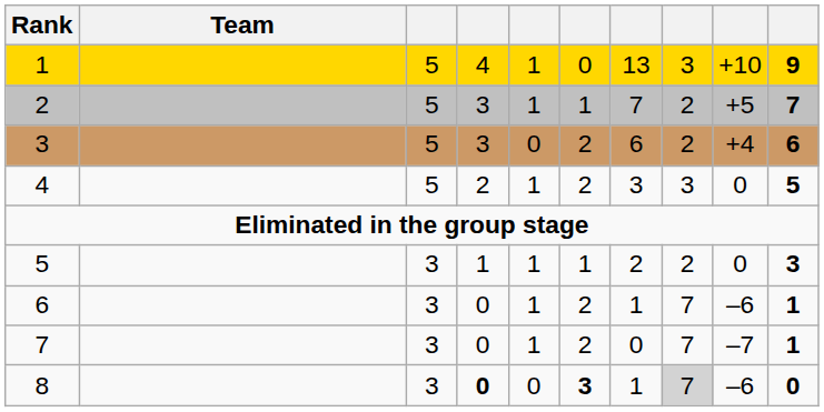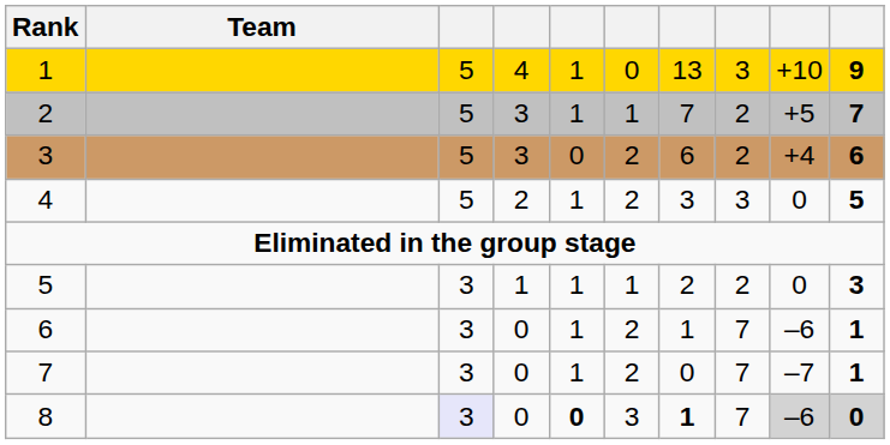 <table class="wikitable" style="text-align:center">
 <tr>
 <th width=20>Rank</th>
 <th width=200>Team</th>
 <th width="25"></th>
 <th width="25"></th>
 <th width="25"></th>
 <th width="25"></th>
 <th width="25"></th>
 <th width="25"></th>
 <th width="25"></th>
 <th width="25"></th>
 </tr>
 <tr style="background:gold;">
 <td>1</td>
 <td style="text-align:left;"></td>
 <td>5</td>
 <td>4</td>
 <td>1</td>
 <td>0</td>
 <td>13</td>
 <td>3</td>
 <td>+10</td>
 <td><strong>9</strong></td>
 </tr>
 <tr style="background:silver;">
 <td>2</td>
 <td style="text-align:left;"></td>
 <td>5</td>
 <td>3</td>
 <td>1</td>
 <td>1</td>
 <td>7</td>
 <td>2</td>
 <td>+5</td>
 <td><strong>7</strong></td>
 </tr>
 <tr style="background:#cc9966;">
 <td>3</td>
 <td style="text-align:left;"></td>
 <td>5</td>
 <td>3</td>
 <td>0</td>
 <td>2</td>
 <td>6</td>
 <td>2</td>
 <td>+4</td>
 <td><strong>6</strong></td>
 </tr>
 <tr>
 <td>4</td>
 <td style="text-align:left;"></td>
 <td>5</td>
 <td>2</td>
 <td>1</td>
 <td>2</td>
 <td>3</td>
 <td>3</td>
 <td>0</td>
 <td><strong>5</strong></td>
 </tr>
 <tr>
 <td colspan=14><strong>Eliminated in the group stage</strong></td>
 </tr>
 <tr>
 <td>5</td>
 <td style="text-align:left;"></td>
 <td>3</td>
 <td>1</td>
 <td>1</td>
 <td>1</td>
 <td>2</td>
 <td>2</td>
 <td>0</td>
 <td><strong>3</strong></td>
 </tr>
 <tr>
 <td>6</td>
 <td style="text-align:left;"></td>
 <td>3</td>
 <td>0</td>
 <td>1</td>
 <td>2</td>
 <td>1</td>
 <td>7</td>
 <td>–6</td>
 <td><strong>1</strong></td>
 </tr>
 <tr>
 <td>7</td>
 <td style="text-align:left;"></td>
 <td>3</td>
 <td>0</td>
 <td>1</td>
 <td>2</td>
 <td>0</td>
 <td>7</td>
 <td>–7</td>
 <td><strong>1</strong></td>
 </tr>
 <tr>
 <td>8</td>
 <td style="text-align:left;"></td>
+<td style="background: lavender;">3</td>
+<td>0</td>
+<td><strong>0</strong></td>
 <td>3</td>
-<td><strong>0</strong></td>
-<td>0</td>
-<td><strong>3</strong></td>
-<td>1</td>
-<td style="background: lightgrey;">7</td>
-<td>–6</td>
-<td><strong>0</strong></td>
+<td><strong>1</strong></td>
+<td>7</td>
+<td style="background: lightgrey;">–6</td>
+<td style="background: lightgrey;"><strong>0</strong></td>
 </tr>
 </table>
